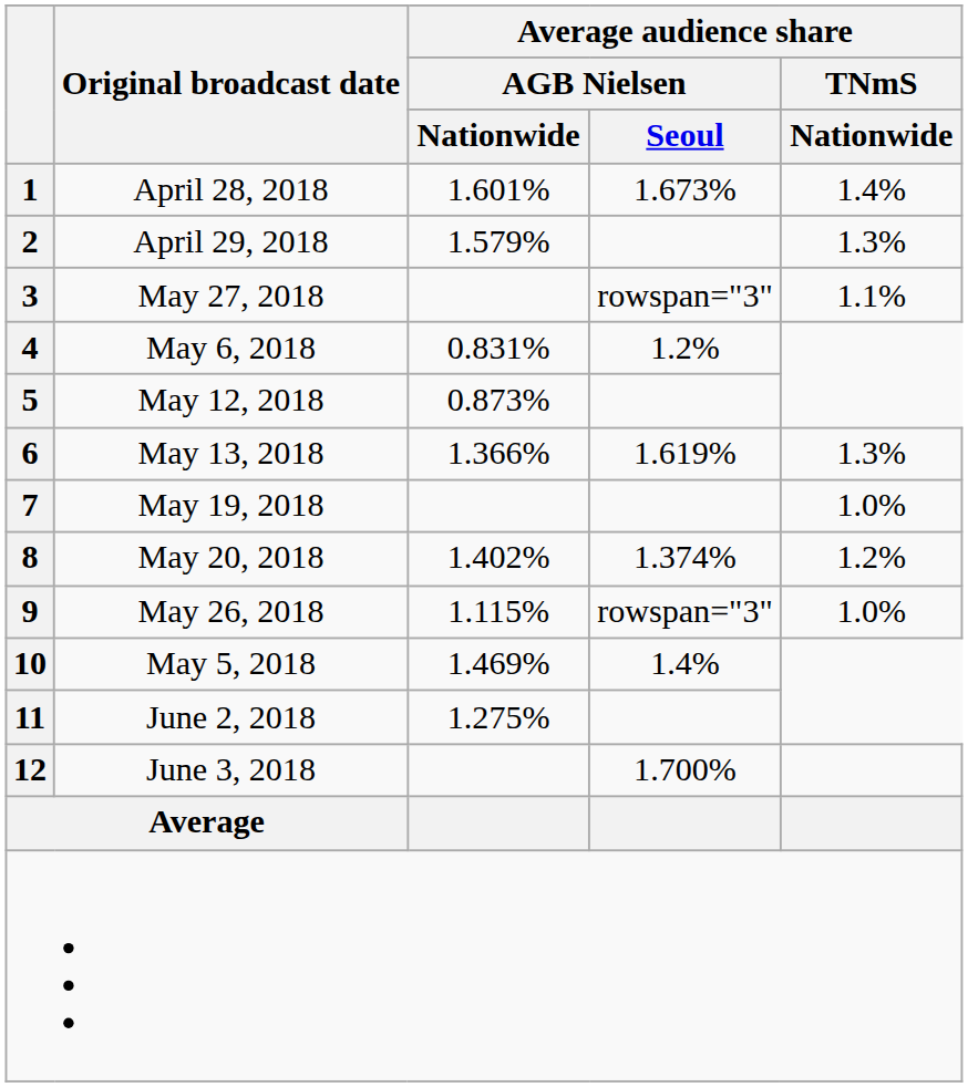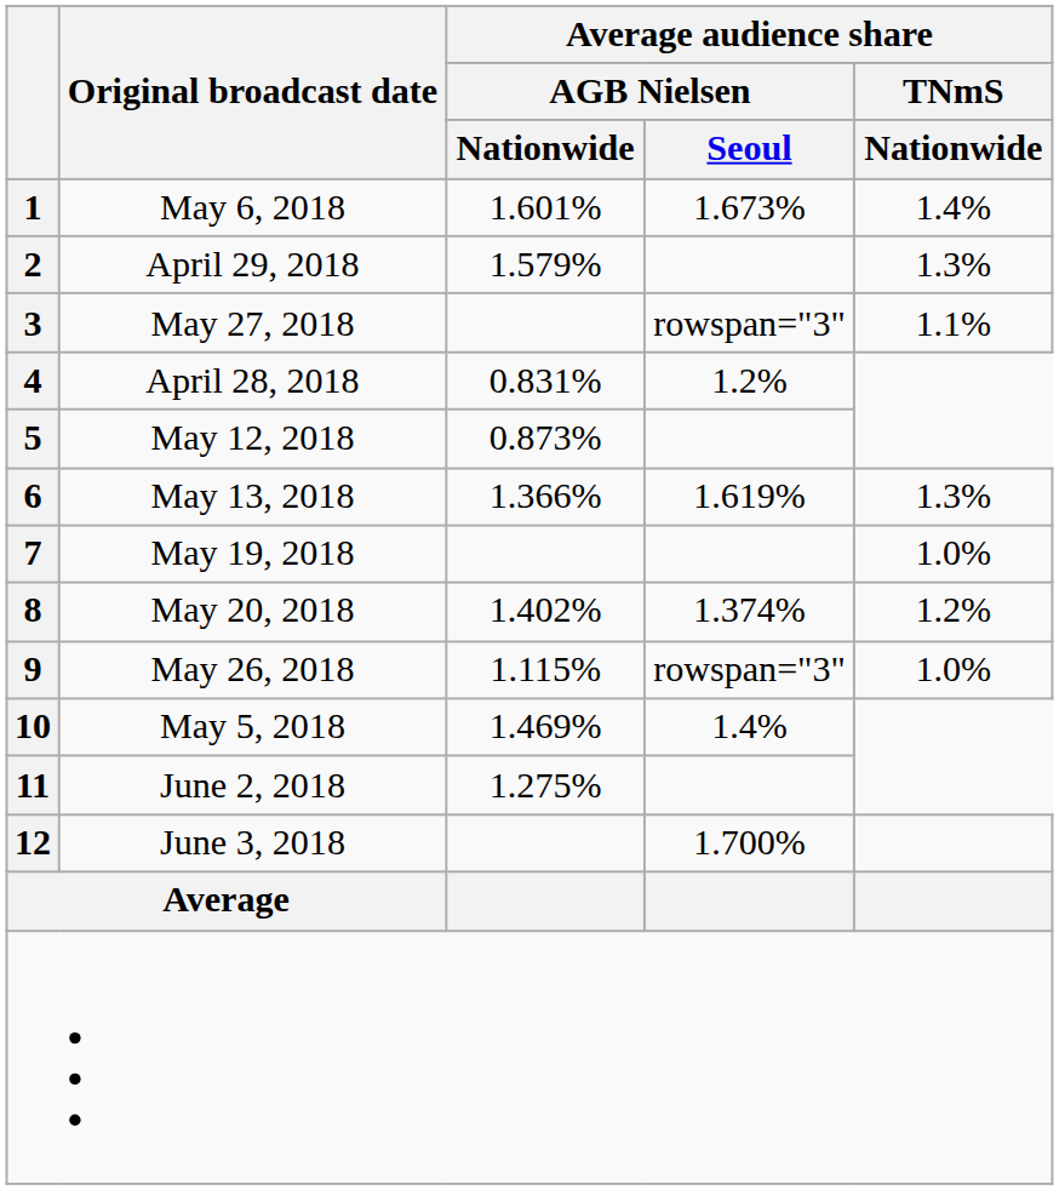 <table class="wikitable" style="text-align:center;max-width:550px; margin-left: auto; margin-right: auto; border: none;">
 <tr>
 </tr>
 <tr>
 <th rowspan="3"></th>
 <th rowspan="3">Original broadcast date</th>
 <th colspan="3">Average audience share</th>
 </tr>
 <tr>
 <th colspan=2>AGB Nielsen</th>
 <th>TNmS</th>
 </tr>
 <tr>
 <th width=80>Nationwide</th>
 <th width=80><a href='#'>Seoul</a></th>
 <th width=80>Nationwide</th>
 </tr>
 <tr>
 <th>1</th>
-<td>April 28, 2018</td>
+<td>May 6, 2018</td>
 <td>1.601%</td>
 <td>1.673%</td>
 <td>1.4%</td>
 </tr>
 <tr>
 <th>2</th>
 <td>April 29, 2018</td>
 <td>1.579%</td>
 <td></td>
 <td>1.3%</td>
 </tr>
 <tr>
 <th>3</th>
 <td>May 27, 2018</td>
 <td></td>
 <td>rowspan="3" </td>
 <td>1.1%</td>
 </tr>
 <tr>
 <th>4</th>
-<td>May 6, 2018</td>
+<td>April 28, 2018</td>
 <td>0.831%</td>
 <td>1.2%</td>
 </tr>
 <tr>
 <th>5</th>
 <td>May 12, 2018</td>
 <td>0.873%</td>
 <td></td>
 </tr>
 <tr>
 <th>6</th>
 <td>May 13, 2018</td>
 <td>1.366%</td>
 <td>1.619%</td>
 <td>1.3%</td>
 </tr>
 <tr>
 <th>7</th>
 <td>May 19, 2018</td>
 <td></td>
 <td></td>
 <td>1.0%</td>
 </tr>
 <tr>
 <th>8</th>
 <td>May 20, 2018</td>
 <td>1.402%</td>
 <td>1.374%</td>
 <td>1.2%</td>
 </tr>
 <tr>
 <th>9</th>
 <td>May 26, 2018</td>
 <td>1.115%</td>
 <td>rowspan="3" </td>
 <td>1.0%</td>
 </tr>
 <tr>
 <th>10</th>
 <td>May 5, 2018</td>
 <td>1.469%</td>
 <td>1.4%</td>
 </tr>
 <tr>
 <th>11</th>
 <td>June 2, 2018</td>
 <td>1.275%</td>
 <td></td>
 </tr>
 <tr>
 <th>12</th>
 <td>June 3, 2018</td>
 <td></td>
 <td>1.700%</td>
 <td></td>
 </tr>
 <tr>
 <th colspan=2>Average</th>
 <th></th>
 <th></th>
 <th></th>
 </tr>
 <tr>
 <td colspan="6"><br><ul><li></li><li></li><li></li></ul></td>
 </tr>
 </table>
